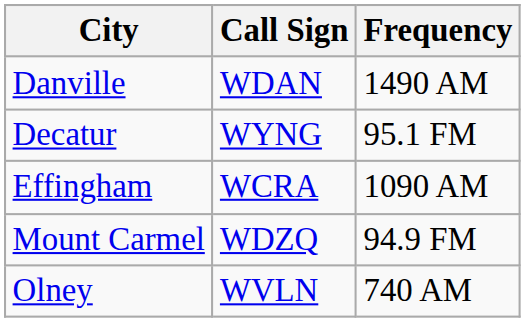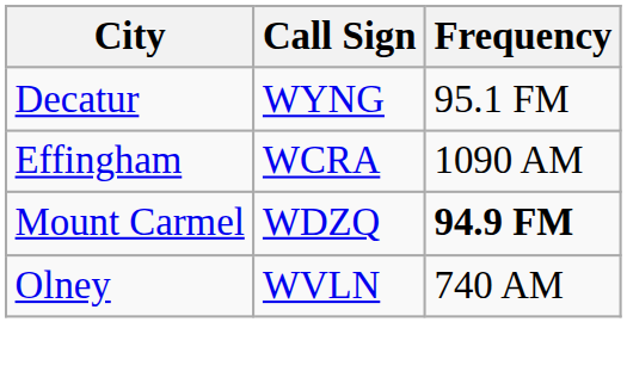 <table class="wikitable">
 <tr>
 <th scope="col">City</th>
 <th scope="col">Call Sign</th>
 <th scope="col">Frequency</th>
-</tr>
-<tr>
-<td><a href='#'>Danville</a></td>
-<td><a href='#'>WDAN</a></td>
-<td>1490 AM</td>
 </tr>
 <tr>
 <td><a href='#'>Decatur</a></td>
 <td><a href='#'>WYNG</a></td>
 <td>95.1 FM</td>
 </tr>
 <tr>
 <td><a href='#'>Effingham</a></td>
 <td><a href='#'>WCRA</a></td>
 <td>1090 AM</td>
 </tr>
 <tr>
 <td><a href='#'>Mount Carmel</a></td>
 <td><a href='#'>WDZQ</a></td>
-<td>94.9 FM</td>
+<td><strong>94.9 FM</strong></td>
 </tr>
 <tr>
 <td><a href='#'>Olney</a></td>
 <td><a href='#'>WVLN</a></td>
 <td>740 AM</td>
 </tr>
 </table>
